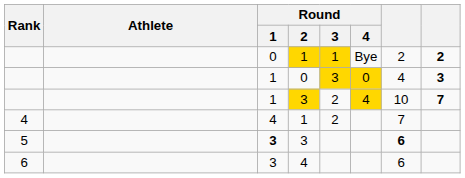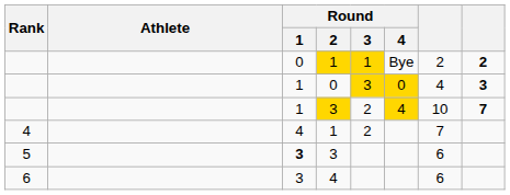 <table class="wikitable" style="text-align: center;">
 <tr>
 <th rowspan="2" width=40>Rank</th>
 <th rowspan="2" width=250>Athlete</th>
 <th colspan="4">Round</th>
 <th rowspan="2" width=40></th>
 <th rowspan="2" width=40></th>
 </tr>
 <tr>
 <th width=30>1</th>
 <th width=30>2</th>
 <th width=30>3</th>
 <th width=30>4</th>
 </tr>
 <tr>
 <td></td>
 <td align="left"></td>
 <td>0</td>
 <td bgcolor=gold>1</td>
 <td bgcolor=gold>1</td>
 <td>Bye</td>
 <td>2</td>
 <td><strong>2</strong></td>
 </tr>
 <tr>
 <td></td>
 <td align="left"></td>
 <td>1</td>
 <td>0</td>
 <td bgcolor=gold>3</td>
 <td bgcolor=gold>0</td>
 <td>4</td>
 <td><strong>3</strong></td>
 </tr>
 <tr>
 <td></td>
 <td align="left"></td>
 <td>1</td>
 <td bgcolor=gold>3</td>
 <td>2</td>
 <td bgcolor=gold>4</td>
 <td>10</td>
 <td><strong>7</strong></td>
 </tr>
 <tr>
 <td>4</td>
 <td align="left"></td>
 <td>4</td>
 <td>1</td>
 <td>2</td>
 <td></td>
 <td>7</td>
 <td></td>
 </tr>
 <tr>
 <td>5</td>
 <td align="left"></td>
 <td><strong>3</strong></td>
 <td>3</td>
 <td></td>
 <td></td>
-<td><strong>6</strong></td>
+<td>6</td>
 <td></td>
 </tr>
 <tr>
 <td>6</td>
 <td align="left"></td>
 <td>3</td>
 <td>4</td>
 <td></td>
 <td></td>
 <td>6</td>
 <td></td>
 </tr>
 </table>
